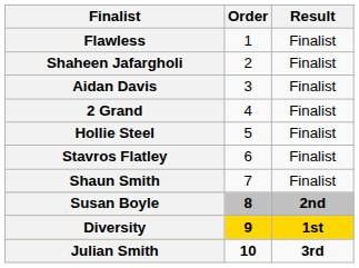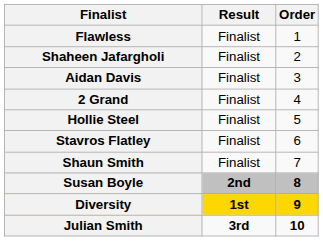 <table class="wikitable sortable plainrowheaders" style="text-align:center; width:30%;">
 <tr>
 <th class="unsortable">Finalist</th>
+<th data-sort-type="number">Result </th>
 <th data-sort-type="number" style="width:1em;">Order</th>
-<th data-sort-type="number">Result </th>
 </tr>
 <tr>
 <th scope="row">Flawless</th>
+<td>Finalist</td>
 <td>1</td>
-<td>Finalist</td>
 </tr>
 <tr>
 <th scope="row">Shaheen Jafargholi</th>
+<td>Finalist</td>
 <td>2</td>
-<td>Finalist</td>
 </tr>
 <tr>
 <th scope="row">Aidan Davis</th>
+<td>Finalist</td>
 <td>3</td>
-<td>Finalist</td>
 </tr>
 <tr>
 <th scope="row">2 Grand</th>
+<td>Finalist</td>
 <td>4</td>
-<td>Finalist</td>
 </tr>
 <tr>
 <th scope="row">Hollie Steel</th>
+<td>Finalist</td>
 <td>5</td>
-<td>Finalist</td>
 </tr>
 <tr>
 <th scope="row">Stavros Flatley</th>
+<td>Finalist</td>
 <td>6</td>
-<td>Finalist</td>
 </tr>
 <tr>
 <th scope="row">Shaun Smith</th>
+<td>Finalist</td>
 <td>7</td>
-<td>Finalist</td>
 </tr>
 <tr bgcolor=silver>
 <th scope="row"><strong>Susan Boyle</strong></th>
+<td><strong>2nd</strong></td>
 <td><strong>8</strong></td>
-<td><strong>2nd</strong></td>
 </tr>
 <tr bgcolor=gold>
 <th scope="row"><strong>Diversity</strong></th>
+<td><strong>1st</strong></td>
 <td><strong>9</strong></td>
-<td><strong>1st</strong></td>
 </tr>
 <tr -bgcolor=#c96>
 <th scope="row"><strong>Julian Smith</strong></th>
+<td><strong>3rd</strong></td>
 <td><strong>10</strong></td>
-<td><strong>3rd</strong></td>
 </tr>
 </table>
